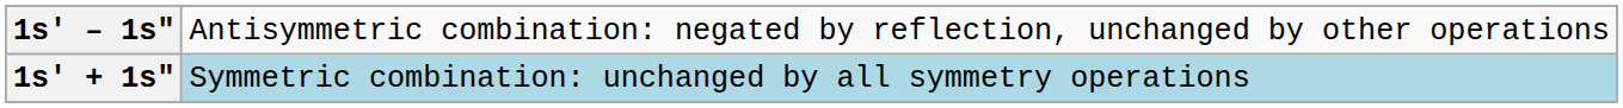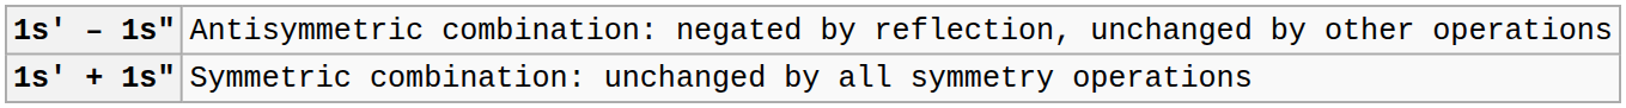 <table class="wikitable">
 <tr>
 <th>1s' – 1s"</th>
 <td>Antisymmetric combination: negated by reflection, unchanged by other operations</td>
 </tr>
 <tr>
 <th>1s' + 1s"</th>
-<td style="background: lightblue;">Symmetric combination: unchanged by all symmetry operations</td>
+<td>Symmetric combination: unchanged by all symmetry operations</td>
 </tr>
 </table>
